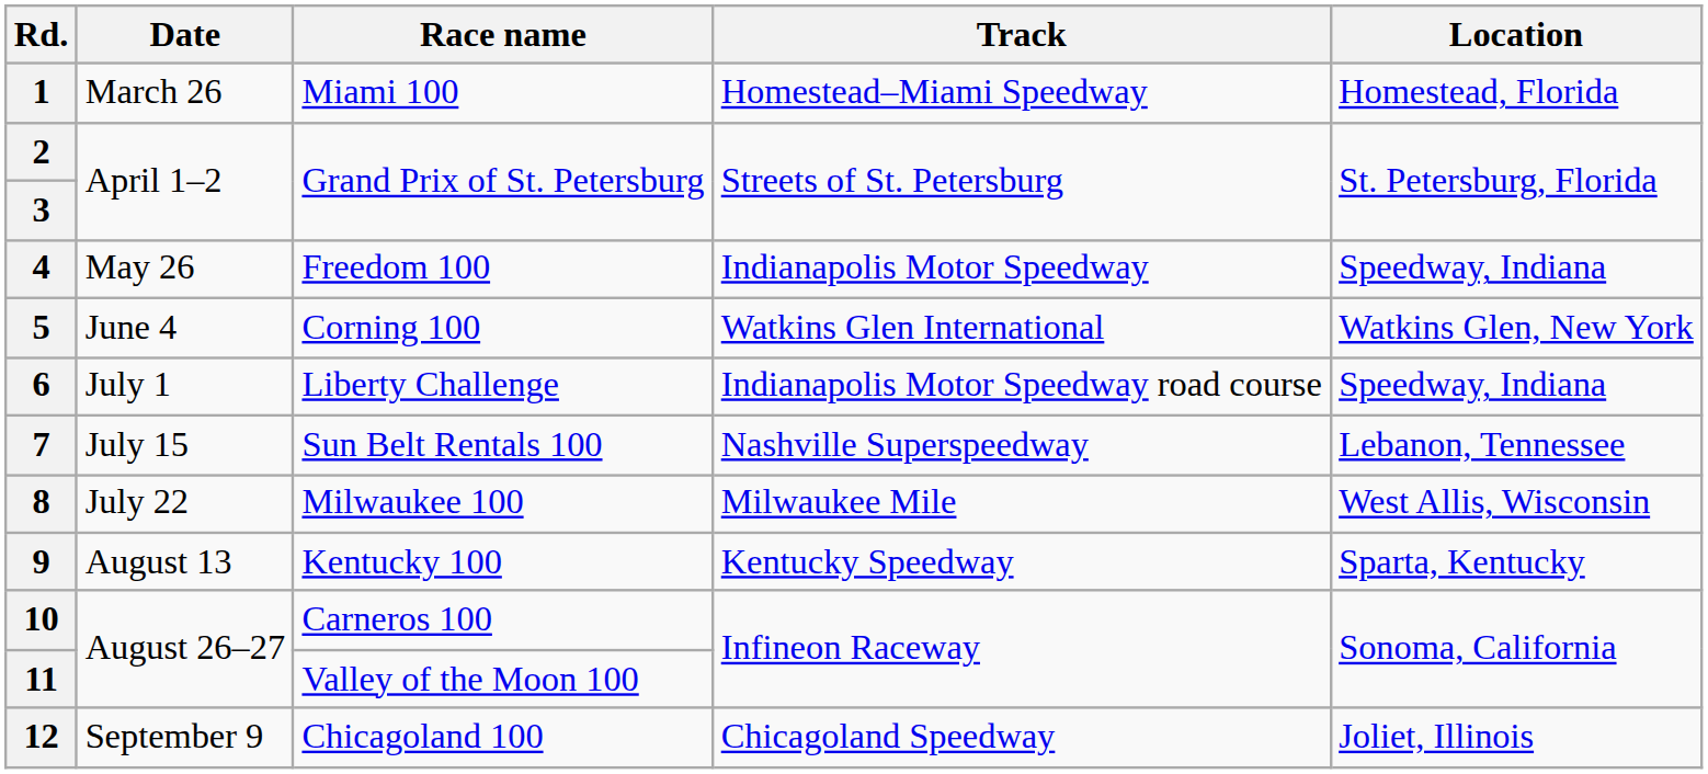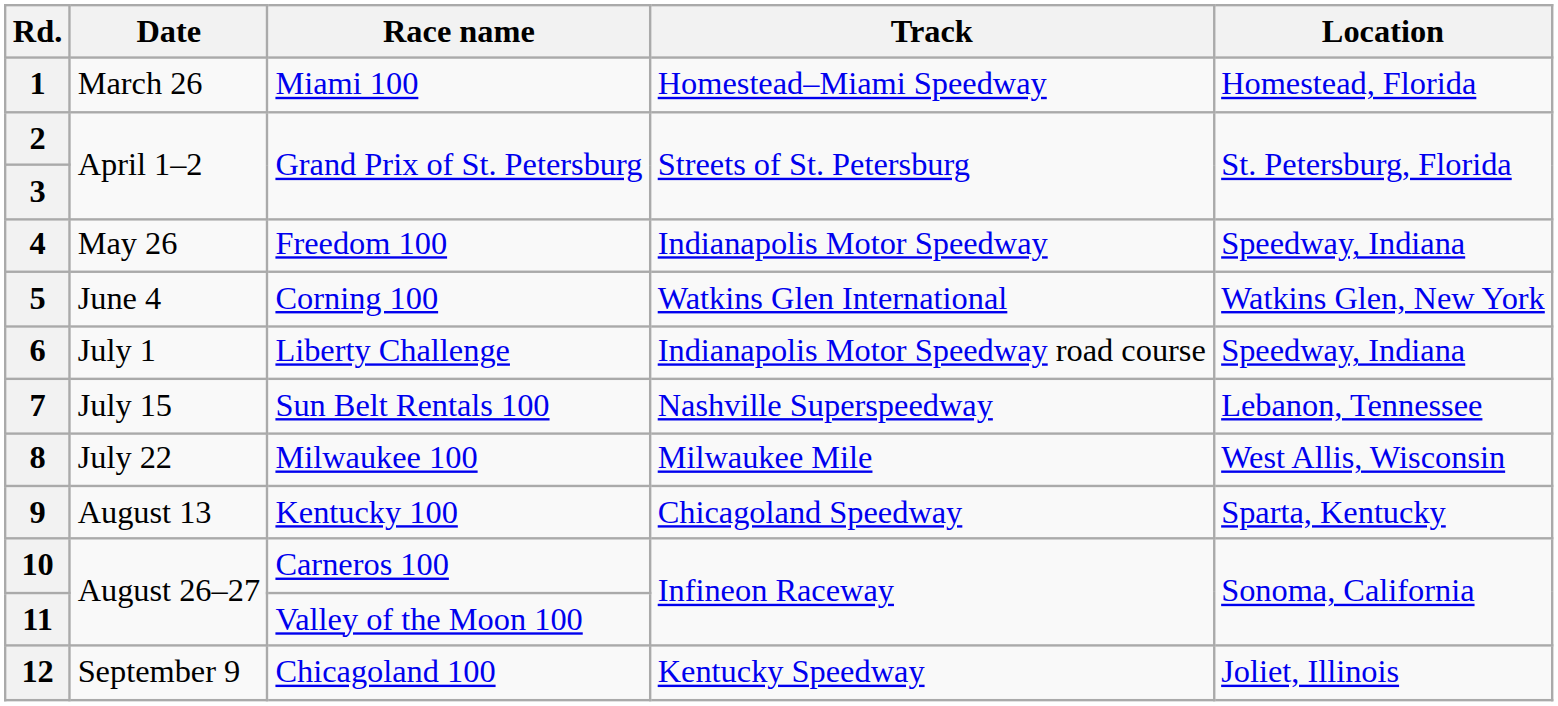 <table class="wikitable" style="font-size: 85%">
 <tr>
 <th>Rd.</th>
 <th>Date</th>
 <th>Race name</th>
 <th>Track</th>
 <th>Location</th>
 </tr>
 <tr>
 <th>1</th>
 <td>March 26</td>
 <td><a href='#'>Miami 100</a></td>
 <td> <a href='#'>Homestead–Miami Speedway</a></td>
 <td><a href='#'>Homestead, Florida</a></td>
 </tr>
 <tr>
 <th>2</th>
 <td rowspan="2">April 1–2</td>
 <td rowspan="2"><a href='#'>Grand Prix of St. Petersburg</a></td>
 <td rowspan="2"> <a href='#'>Streets of St. Petersburg</a></td>
 <td rowspan="2"><a href='#'>St. Petersburg, Florida</a></td>
 </tr>
 <tr>
 <th>3</th>
 </tr>
 <tr>
 <th>4</th>
 <td>May 26</td>
 <td><a href='#'>Freedom 100</a></td>
 <td> <a href='#'>Indianapolis Motor Speedway</a></td>
 <td><a href='#'>Speedway, Indiana</a></td>
 </tr>
 <tr>
 <th>5</th>
 <td>June 4</td>
 <td><a href='#'>Corning 100</a></td>
 <td> <a href='#'>Watkins Glen International</a></td>
 <td><a href='#'>Watkins Glen, New York</a></td>
 </tr>
 <tr>
 <th>6</th>
 <td>July 1</td>
 <td><a href='#'>Liberty Challenge</a></td>
 <td> <a href='#'>Indianapolis Motor Speedway</a> road course</td>
 <td><a href='#'>Speedway, Indiana</a></td>
 </tr>
 <tr>
 <th>7</th>
 <td>July 15</td>
 <td><a href='#'>Sun Belt Rentals 100</a></td>
 <td> <a href='#'>Nashville Superspeedway</a></td>
 <td><a href='#'>Lebanon, Tennessee</a></td>
 </tr>
 <tr>
 <th>8</th>
 <td>July 22</td>
 <td><a href='#'>Milwaukee 100</a></td>
 <td> <a href='#'>Milwaukee Mile</a></td>
 <td><a href='#'>West Allis, Wisconsin</a></td>
 </tr>
 <tr>
 <th>9</th>
 <td>August 13</td>
 <td><a href='#'>Kentucky 100</a></td>
-<td> <a href='#'>Kentucky Speedway</a></td>
+<td> <a href='#'>Chicagoland Speedway</a></td>
 <td><a href='#'>Sparta, Kentucky</a></td>
 </tr>
 <tr>
 <th>10</th>
 <td rowspan="2">August 26–27</td>
 <td><a href='#'>Carneros 100</a></td>
 <td rowspan="2"> <a href='#'>Infineon Raceway</a></td>
 <td rowspan="2"><a href='#'>Sonoma, California</a></td>
 </tr>
 <tr>
 <th>11</th>
 <td><a href='#'>Valley of the Moon 100</a></td>
 </tr>
 <tr>
 <th>12</th>
 <td>September 9</td>
 <td><a href='#'>Chicagoland 100</a></td>
-<td> <a href='#'>Chicagoland Speedway</a></td>
+<td> <a href='#'>Kentucky Speedway</a></td>
 <td><a href='#'>Joliet, Illinois</a></td>
 </tr>
 </table>
